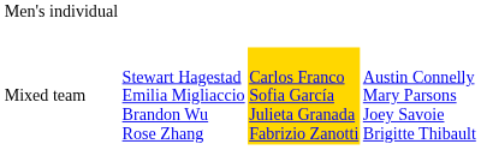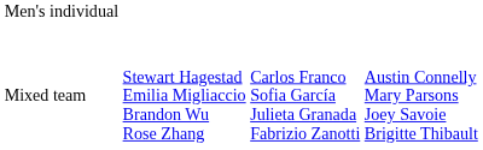 <table>
 <tr>
 <td>Men's individual<br></td>
 <td></td>
 <td></td>
 <td></td>
 </tr>
 <tr>
 <td><br></td>
 <td></td>
 <td></td>
 <td></td>
 </tr>
 <tr>
 <td>Mixed team<br></td>
 <td><br><a href='#'>Stewart Hagestad</a><br><a href='#'>Emilia Migliaccio</a><br><a href='#'>Brandon Wu</a><br><a href='#'>Rose Zhang</a></td>
-<td style="background: gold;"><br><a href='#'>Carlos Franco</a><br><a href='#'>Sofia García</a><br><a href='#'>Julieta Granada</a><br><a href='#'>Fabrizio Zanotti</a></td>
+<td><br><a href='#'>Carlos Franco</a><br><a href='#'>Sofia García</a><br><a href='#'>Julieta Granada</a><br><a href='#'>Fabrizio Zanotti</a></td>
 <td><br><a href='#'>Austin Connelly</a><br><a href='#'>Mary Parsons</a><br><a href='#'>Joey Savoie</a><br><a href='#'>Brigitte Thibault</a></td>
 </tr>
 </table>
